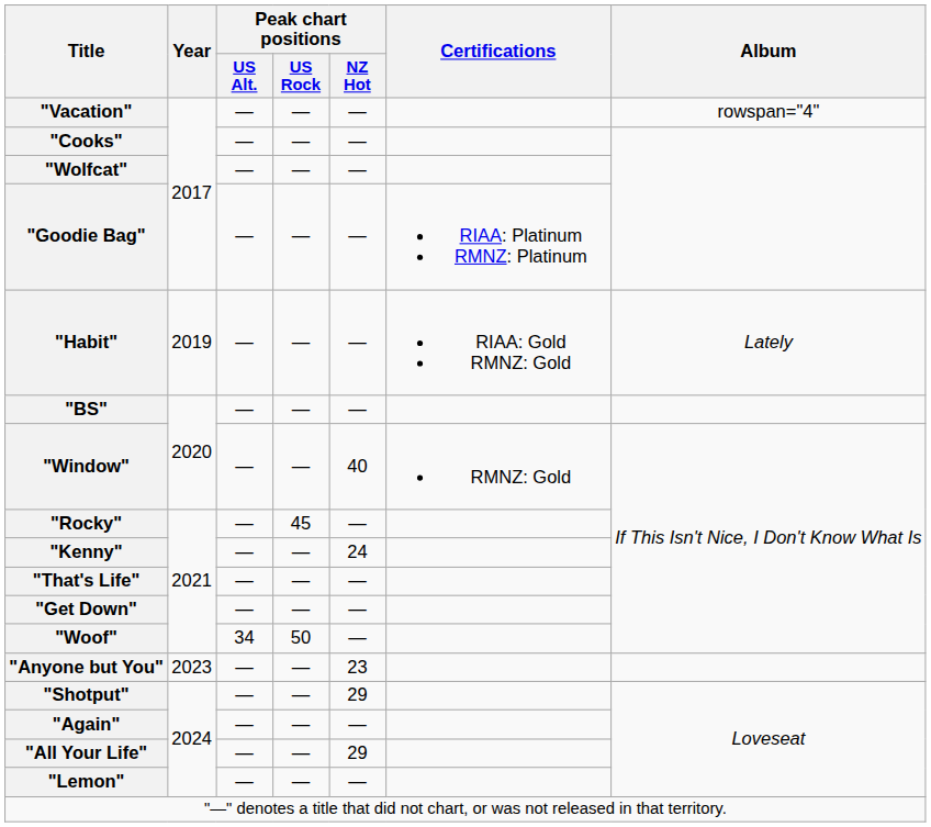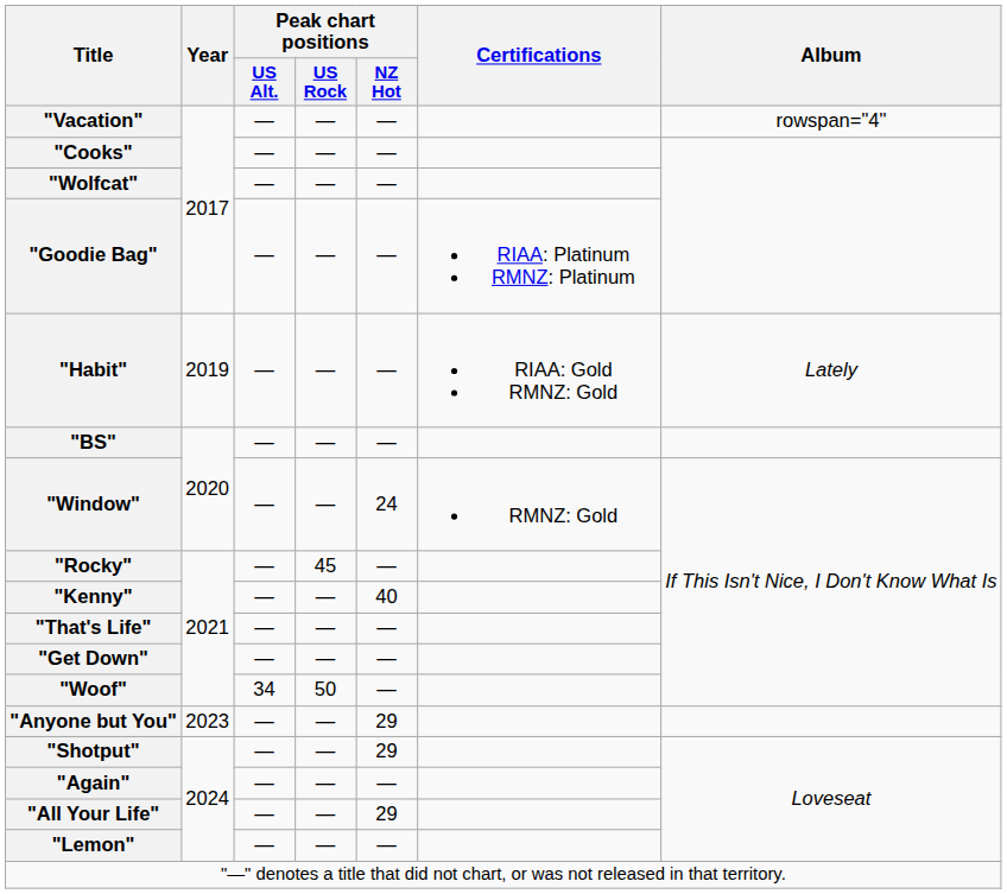 <table class="wikitable plainrowheaders" style="text-align:center;">
 <tr>
 <th scope="col" rowspan="2">Title</th>
 <th scope="col" rowspan="2">Year</th>
 <th scope="col" colspan="3">Peak chart positions</th>
 <th scope="col" rowspan="2" style="width:12em;"><a href='#'>Certifications</a></th>
 <th scope="col" rowspan="2">Album</th>
 </tr>
 <tr>
 <th scope="col" style="width:3em;font-size:90%;"><a href='#'>US<br>Alt.</a><br></th>
 <th scope="col" style="width:3em;font-size:90%;"><a href='#'>US<br>Rock</a><br></th>
 <th scope="col" style="width:3em;font-size:90%;"><a href='#'>NZ<br>Hot</a><br></th>
 </tr>
 <tr>
 <th scope="row">"Vacation"</th>
 <td rowspan="4">2017</td>
 <td>—</td>
 <td>—</td>
 <td>—</td>
 <td></td>
 <td>rowspan="4" </td>
 </tr>
 <tr>
 <th scope="row">"Cooks"</th>
 <td>—</td>
 <td>—</td>
 <td>—</td>
 <td></td>
 </tr>
 <tr>
 <th scope="row">"Wolfcat"</th>
 <td>—</td>
 <td>—</td>
 <td>—</td>
 <td></td>
 </tr>
 <tr>
 <th scope="row">"Goodie Bag"</th>
 <td>—</td>
 <td>—</td>
 <td>—</td>
 <td><br><ul><li><a href='#'>RIAA</a>: Platinum</li><li><a href='#'>RMNZ</a>: Platinum</li></ul></td>
 </tr>
 <tr>
 <th scope="row">"Habit"</th>
 <td>2019</td>
 <td>—</td>
 <td>—</td>
 <td>—</td>
 <td><br><ul><li>RIAA: Gold</li><li>RMNZ: Gold</li></ul></td>
 <td><em>Lately</em></td>
 </tr>
 <tr>
 <th scope="row">"BS"</th>
 <td rowspan="2">2020</td>
 <td>—</td>
 <td>—</td>
 <td>—</td>
 <td></td>
 <td></td>
 </tr>
 <tr>
 <th scope="row">"Window"</th>
 <td>—</td>
 <td>—</td>
-<td>40</td>
+<td>24</td>
 <td><br><ul><li>RMNZ: Gold</li></ul></td>
 <td rowspan="6"><em>If This Isn't Nice, I Don't Know What Is</em></td>
 </tr>
 <tr>
 <th scope="row">"Rocky"</th>
 <td rowspan="5">2021</td>
 <td>—</td>
 <td>45</td>
 <td>—</td>
 <td></td>
 </tr>
 <tr>
 <th scope="row">"Kenny"</th>
 <td>—</td>
 <td>—</td>
-<td>24</td>
+<td>40</td>
 </tr>
 <tr>
 <th scope="row">"That's Life"</th>
 <td>—</td>
 <td>—</td>
 <td>—</td>
 <td></td>
 </tr>
 <tr>
 <th scope="row">"Get Down"</th>
 <td>—</td>
 <td>—</td>
 <td>—</td>
 <td></td>
 </tr>
 <tr>
 <th scope="row">"Woof"</th>
 <td>34</td>
 <td>50</td>
 <td>—</td>
 <td></td>
 </tr>
 <tr>
 <th scope="row">"Anyone but You"</th>
 <td>2023</td>
 <td>—</td>
 <td>—</td>
-<td>23</td>
+<td>29</td>
 <td></td>
 <td></td>
 </tr>
 <tr>
 <th scope="row">"Shotput"</th>
 <td rowspan="4">2024</td>
 <td>—</td>
 <td>—</td>
 <td>29</td>
 <td></td>
 <td rowspan="4"><em>Loveseat</em></td>
 </tr>
 <tr>
 <th scope="row">"Again"</th>
 <td>—</td>
 <td>—</td>
 <td>—</td>
 <td></td>
 </tr>
 <tr>
 <th scope="row">"All Your Life"</th>
 <td>—</td>
 <td>—</td>
 <td>29</td>
 <td></td>
 </tr>
 <tr>
 <th scope="row">"Lemon"</th>
 <td>—</td>
 <td>—</td>
 <td>—</td>
 <td></td>
 </tr>
 <tr>
 <td colspan="13" style="font-size:90%">"—" denotes a title that did not chart, or was not released in that territory.</td>
 </tr>
 </table>
